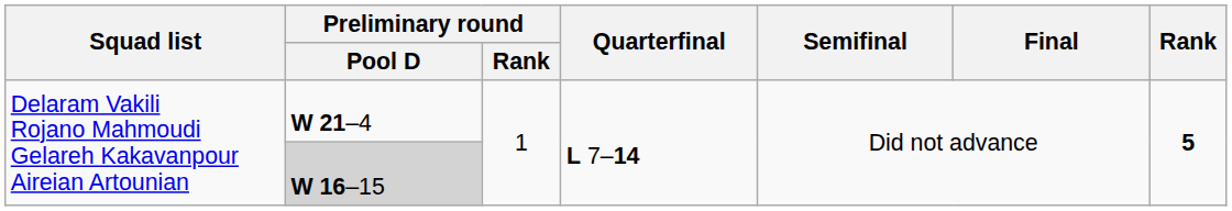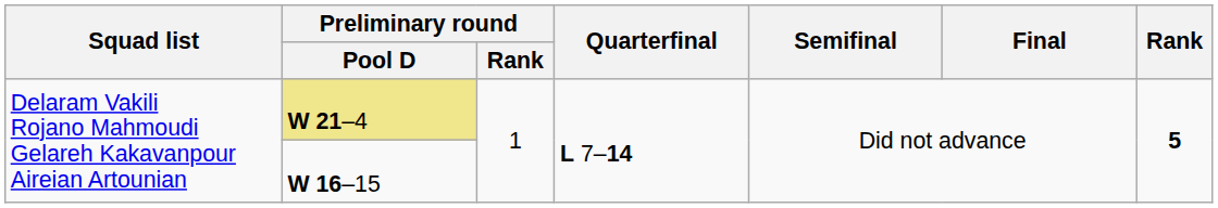 <table class="wikitable" width="85%" style="text-align:left; font-size:90%">
 <tr>
 <th rowspan="2" width="20%">Squad list</th>
 <th colspan="2">Preliminary round</th>
 <th rowspan="2" width="14%">Quarterfinal</th>
 <th rowspan="2" width="14%">Semifinal</th>
 <th rowspan="2" width="14%">Final</th>
 <th rowspan="2" width="5%">Rank</th>
 </tr>
 <tr>
 <th width="14%">Pool D</th>
 <th width="5%">Rank</th>
 </tr>
 <tr>
 <td rowspan=2><a href='#'>Delaram Vakili</a><br><a href='#'>Rojano Mahmoudi</a><br><a href='#'>Gelareh Kakavanpour</a><br><a href='#'>Aireian Artounian</a></td>
-<td><br><strong>W</strong> <strong>21</strong>–4</td>
+<td style="background: khaki;"><br><strong>W</strong> <strong>21</strong>–4</td>
 <td rowspan=2 align=center>1 <strong></strong></td>
 <td rowspan=2><br><strong>L</strong> 7–<strong>14</strong></td>
 <td colspan=2 rowspan=2 align=center>Did not advance</td>
 <td rowspan=2 align="center"><strong>5</strong></td>
 </tr>
 <tr>
-<td style="background: lightgrey;"><br><strong>W</strong> <strong>16</strong>–15</td>
+<td><br><strong>W</strong> <strong>16</strong>–15</td>
 </tr>
 </table>
